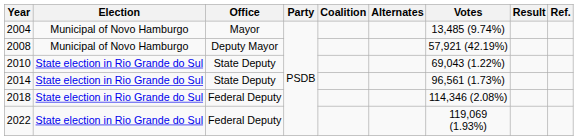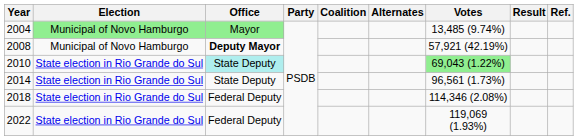 <table class="wikitable" style="text-align:center">
 <tr>
 <th>Year</th>
 <th>Election</th>
 <th>Office</th>
 <th>Party</th>
 <th>Coalition</th>
 <th>Alternates</th>
 <th>Votes</th>
 <th>Result</th>
 <th>Ref.</th>
 </tr>
 <tr>
 <td>2004</td>
-<td>Municipal of Novo Hamburgo</td>
-<td>Mayor</td>
+<td style="background: lightgreen;">Municipal of Novo Hamburgo</td>
+<td style="background: lightgreen;">Mayor</td>
 <td rowspan="6">PSDB</td>
 <td></td>
 <td></td>
 <td>13,485 (9.74%)</td>
 <td></td>
 <td></td>
 </tr>
 <tr>
 <td>2008</td>
 <td>Municipal of Novo Hamburgo</td>
-<td>Deputy Mayor</td>
+<td><strong>Deputy Mayor</strong></td>
 <td></td>
 <td></td>
 <td>57,921 (42.19%)</td>
 <td></td>
 <td></td>
 </tr>
 <tr>
 <td>2010</td>
 <td><a href='#'>State election in Rio Grande do Sul</a></td>
-<td>State Deputy</td>
+<td style="background: paleturquoise;">State Deputy</td>
 <td></td>
 <td></td>
-<td>69,043 (1.22%)</td>
+<td style="background: lightgreen;">69,043 (1.22%)</td>
 <td><br></td>
 <td></td>
 </tr>
 <tr>
 <td>2014</td>
 <td><a href='#'>State election in Rio Grande do Sul</a></td>
 <td>State Deputy</td>
 <td></td>
 <td></td>
 <td>96,561 (1.73%)</td>
 <td><br></td>
 <td></td>
 </tr>
 <tr>
 <td>2018</td>
 <td><a href='#'>State election in Rio Grande do Sul</a></td>
 <td>Federal Deputy</td>
 <td></td>
 <td></td>
 <td>114,346 (2.08%)</td>
 <td><br></td>
 <td></td>
 </tr>
 <tr>
 <td>2022</td>
 <td><a href='#'>State election in Rio Grande do Sul</a></td>
 <td>Federal Deputy</td>
 <td></td>
 <td></td>
 <td>119,069<br>(1.93%)</td>
 <td><br></td>
 <td></td>
 </tr>
 </table>
